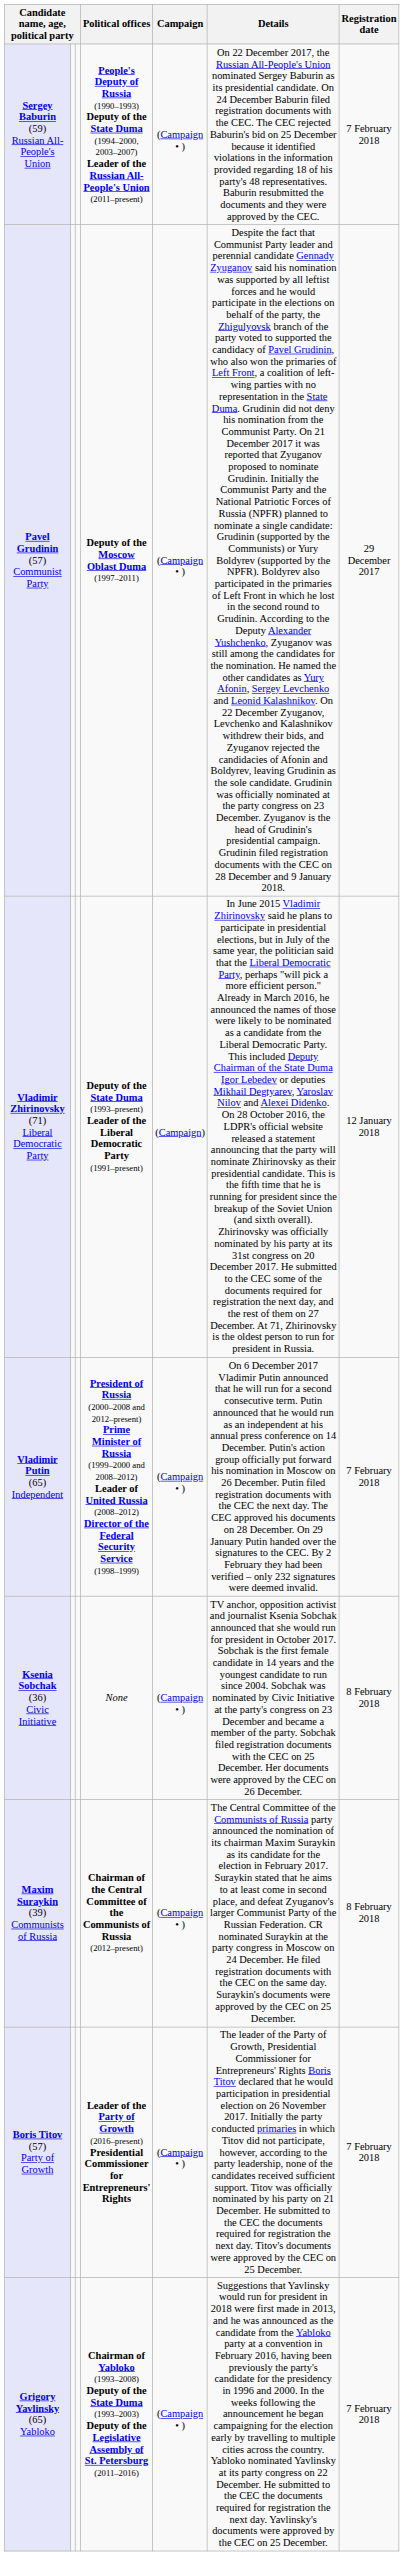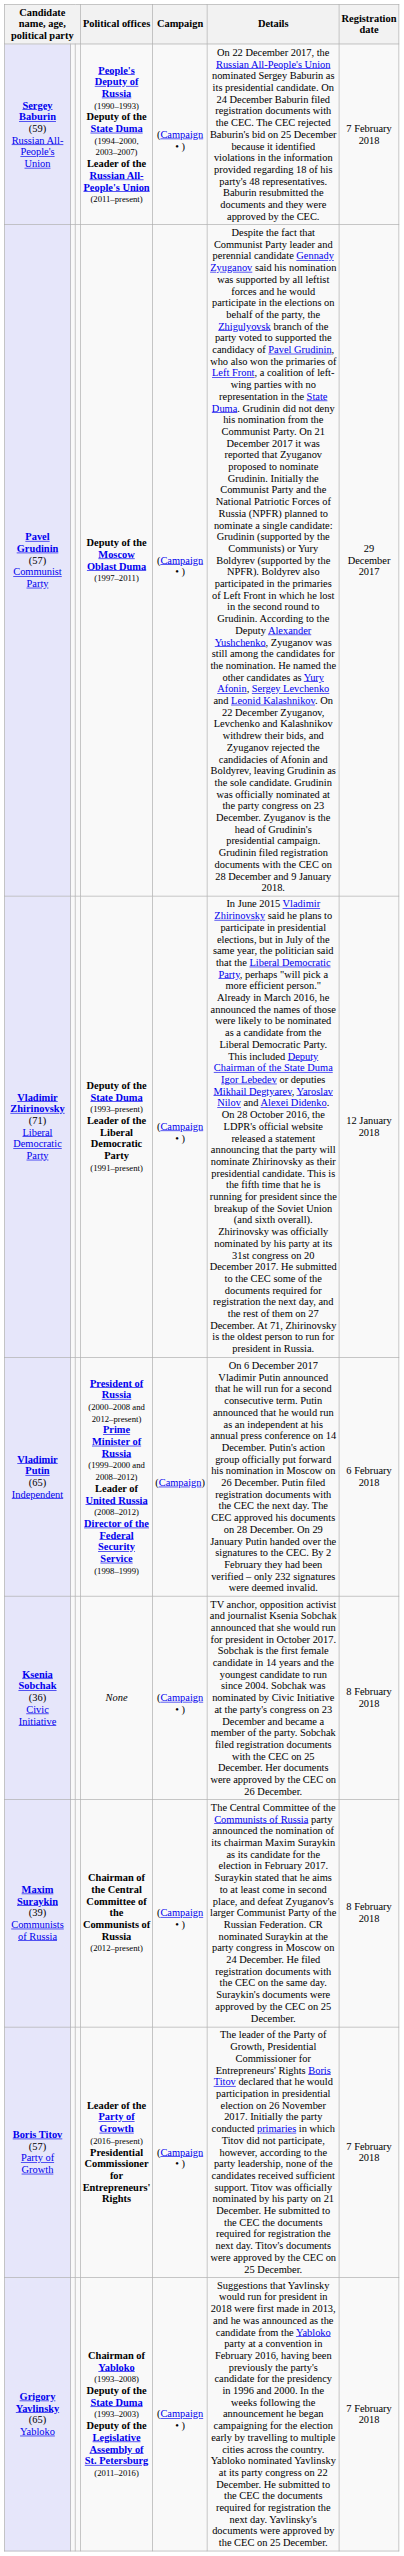 <table class="wikitable" style="text-align:center;">
 <tr>
 <th colspan="3" style="width:20%;">Candidate name, age,<br>political party</th>
 <th>Political offices</th>
 <th>Campaign</th>
 <th style="width:48%;">Details</th>
 <th>Registration date</th>
 </tr>
 <tr>
 <td style="background:lavender;"><strong><a href='#'>Sergey Baburin</a></strong><br>(59)<br><a href='#'>Russian All-People's Union</a></td>
 <td></td>
 <td style="background-color:"></td>
 <td><strong><a href='#'>People's Deputy of Russia</a></strong><br><small>(1990–1993)</small><br><strong>Deputy of the <a href='#'>State Duma</a></strong><br><small>(1994–2000, 2003–2007)</small><br><strong>Leader of the <a href='#'>Russian All-People's Union</a></strong><br><small>(2011–present)</small></td>
 <td><br>(<a href='#'>Campaign</a> • )</td>
 <td>On 22 December 2017, the <a href='#'>Russian All-People's Union</a> nominated Sergey Baburin as its presidential candidate. On 24 December Baburin filed registration documents with the CEC. The CEC rejected Baburin's bid on 25 December because it identified violations in the information provided regarding 18 of his party's 48 representatives. Baburin resubmitted the documents and they were approved by the CEC.</td>
 <td>7 February 2018</td>
 </tr>
 <tr>
 <td style="background:lavender;"><strong><a href='#'>Pavel Grudinin</a></strong><br>(57)<br><a href='#'>Communist Party</a></td>
 <td></td>
 <td style="background-color:"></td>
 <td><strong>Deputy of the <a href='#'>Moscow Oblast Duma</a></strong><br><small>(1997–2011)</small></td>
 <td><br>(<a href='#'>Campaign</a> • )</td>
 <td>Despite the fact that Communist Party leader and perennial candidate <a href='#'>Gennady Zyuganov</a> said his nomination was supported by all leftist forces and he would participate in the elections on behalf of the party, the <a href='#'>Zhigulyovsk</a> branch of the party voted to supported the candidacy of <a href='#'>Pavel Grudinin</a>, who also won the primaries of <a href='#'>Left Front</a>, a coalition of left-wing parties with no representation in the <a href='#'>State Duma</a>. Grudinin did not deny his nomination from the Communist Party. On 21 December 2017 it was reported that Zyuganov proposed to nominate Grudinin. Initially the Communist Party and the National Patriotic Forces of Russia (NPFR) planned to nominate a single candidate: Grudinin (supported by the Communists) or Yury Boldyrev (supported by the NPFR). Boldyrev also participated in the primaries of Left Front in which he lost in the second round to Grudinin. According to the Deputy <a href='#'>Alexander Yushchenko</a>, Zyuganov was still among the candidates for the nomination. He named the other candidates as <a href='#'>Yury Afonin</a>, <a href='#'>Sergey Levchenko</a> and <a href='#'>Leonid Kalashnikov</a>. On 22 December Zyuganov, Levchenko and Kalashnikov withdrew their bids, and Zyuganov rejected the candidacies of Afonin and Boldyrev, leaving Grudinin as the sole candidate. Grudinin was officially nominated at the party congress on 23 December. Zyuganov is the head of Grudinin's presidential campaign. Grudinin filed registration documents with the CEC on 28 December and 9 January 2018.</td>
 <td>29 December 2017</td>
 </tr>
 <tr>
 <td style="background:lavender;"><strong><a href='#'>Vladimir Zhirinovsky</a></strong><br>(71)<br><a href='#'>Liberal Democratic Party</a></td>
 <td></td>
 <td style="background-color:"></td>
 <td><strong>Deputy of the <a href='#'>State Duma</a></strong><br><small>(1993–present)</small><br><strong>Leader of the Liberal Democratic Party</strong><br><small>(1991–present)</small></td>
-<td><br>(<a href='#'>Campaign</a>)</td>
+<td><br>(<a href='#'>Campaign</a> • )</td>
 <td>In June 2015 <a href='#'>Vladimir Zhirinovsky</a> said he plans to participate in presidential elections, but in July of the same year, the politician said that the <a href='#'>Liberal Democratic Party</a>, perhaps "will pick a more efficient person." Already in March 2016, he announced the names of those were likely to be nominated as a candidate from the Liberal Democratic Party. This included <a href='#'>Deputy Chairman of the State Duma</a> <a href='#'>Igor Lebedev</a> or deputies <a href='#'>Mikhail Degtyarev</a>, <a href='#'>Yaroslav Nilov</a> and <a href='#'>Alexei Didenko</a>. On 28 October 2016, the LDPR's official website released a statement announcing that the party will nominate Zhirinovsky as their presidential candidate. This is the fifth time that he is running for president since the breakup of the Soviet Union (and sixth overall). Zhirinovsky was officially nominated by his party at its 31st congress on 20 December 2017. He submitted to the CEC some of the documents required for registration the next day, and the rest of them on 27 December. At 71, Zhirinovsky is the oldest person to run for president in Russia.</td>
 <td>12 January 2018</td>
 </tr>
 <tr>
 <td style="background:lavender;"><strong><a href='#'>Vladimir Putin</a></strong><br>(65)<br><a href='#'>Independent</a></td>
 <td></td>
 <td style="background-color:"></td>
 <td><strong><a href='#'>President of Russia</a></strong><br><small>(2000–2008 and 2012–present)</small><br><strong><a href='#'>Prime Minister of Russia</a></strong><br><small>(1999–2000 and 2008–2012)</small><br><strong>Leader of <a href='#'>United Russia</a></strong><br><small>(2008–2012)</small><br><strong><a href='#'>Director of the Federal Security Service</a></strong><br><small>(1998–1999)</small></td>
-<td><br>(<a href='#'>Campaign</a> • )</td>
+<td><br>(<a href='#'>Campaign</a>)</td>
 <td>On 6 December 2017 Vladimir Putin announced that he will run for a second consecutive term. Putin announced that he would run as an independent at his annual press conference on 14 December. Putin's action group officially put forward his nomination in Moscow on 26 December. Putin filed registration documents with the CEC the next day. The CEC approved his documents on 28 December. On 29 January Putin handed over the signatures to the CEC. By 2 February they had been verified – only 232 signatures were deemed invalid.</td>
-<td>7 February 2018</td>
+<td>6 February 2018</td>
 </tr>
 <tr>
 <td style="background:lavender;"><strong><a href='#'>Ksenia Sobchak</a></strong><br>(36)<br><a href='#'>Civic Initiative</a></td>
 <td></td>
 <td style="background-color:"></td>
 <td><em>None</em></td>
 <td><br>(<a href='#'>Campaign</a> • )</td>
 <td>TV anchor, opposition activist and journalist Ksenia Sobchak announced that she would run for president in October 2017. Sobchak is the first female candidate in 14 years and the youngest candidate to run since 2004. Sobchak was nominated by Civic Initiative at the party's congress on 23 December and became a member of the party. Sobchak filed registration documents with the CEC on 25 December. Her documents were approved by the CEC on 26 December.</td>
 <td>8 February 2018</td>
 </tr>
 <tr>
 <td style="background:lavender;"><strong><a href='#'>Maxim Suraykin</a></strong><br>(39)<br><a href='#'>Communists of Russia</a></td>
 <td></td>
 <td style="background-color:"></td>
 <td><strong>Chairman of the Central Committee of the Communists of Russia</strong><br><small>(2012–present)</small></td>
 <td><br>(<a href='#'>Campaign</a> • )</td>
 <td>The Central Committee of the <a href='#'>Communists of Russia</a> party announced the nomination of its chairman Maxim Suraykin as its candidate for the election in February 2017. Suraykin stated that he aims to at least come in second place, and defeat Zyuganov's larger Communist Party of the Russian Federation. CR nominated Suraykin at the party congress in Moscow on 24 December. He filed registration documents with the CEC on the same day. Suraykin's documents were approved by the CEC on 25 December.</td>
 <td>8 February 2018</td>
 </tr>
 <tr>
 <td style="background:lavender;"><strong><a href='#'>Boris Titov</a></strong><br>(57)<br><a href='#'>Party of Growth</a></td>
 <td></td>
 <td style="background-color:"></td>
 <td><strong>Leader of the <a href='#'>Party of Growth</a></strong><br><small>(2016–present)</small><br><strong>Presidential Commissioner for Entrepreneurs' Rights</strong></td>
 <td><br>(<a href='#'>Campaign</a> • )</td>
 <td>The leader of the Party of Growth, Presidential Commissioner for Entrepreneurs' Rights <a href='#'>Boris Titov</a> declared that he would participation in presidential election on 26 November 2017. Initially the party conducted <a href='#'>primaries</a> in which Titov did not participate, however, according to the party leadership, none of the candidates received sufficient support. Titov was officially nominated by his party on 21 December. He submitted to the CEC the documents required for registration the next day. Titov's documents were approved by the CEC on 25 December.</td>
 <td>7 February 2018</td>
 </tr>
 <tr>
 <td style="background:lavender;"><strong><a href='#'>Grigory Yavlinsky</a></strong><br>(65)<br><a href='#'>Yabloko</a></td>
 <td></td>
 <td style="background-color:"></td>
 <td><strong>Chairman of <a href='#'>Yabloko</a></strong><br><small>(1993–2008)</small><br> <strong>Deputy of the<br><a href='#'>State Duma</a></strong><br><small>(1993–2003)</small><br> <strong>Deputy of the<br><a href='#'>Legislative Assembly of St. Petersburg</a></strong><br><small>(2011–2016)</small></td>
 <td><br>(<a href='#'>Campaign</a> • )</td>
 <td>Suggestions that Yavlinsky would run for president in 2018 were first made in 2013, and he was announced as the candidate from the <a href='#'>Yabloko</a> party at a convention in February 2016, having been previously the party's candidate for the presidency in 1996 and 2000. In the weeks following the announcement he began campaigning for the election early by travelling to multiple cities across the country. Yabloko nominated Yavlinsky at its party congress on 22 December. He submitted to the CEC the documents required for registration the next day. Yavlinsky's documents were approved by the CEC on 25 December.</td>
 <td>7 February 2018</td>
 </tr>
 </table>
